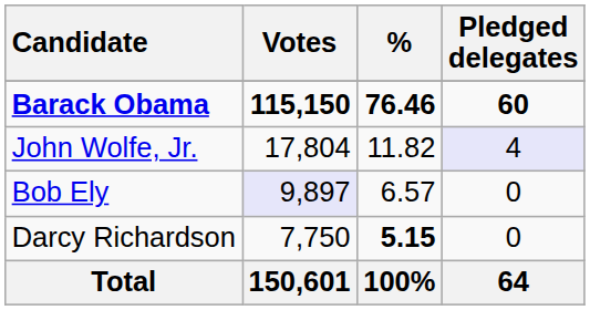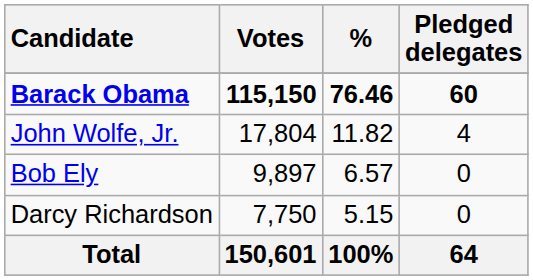 <table class="wikitable sortable plainrowheaders" style="text-align:right;">
 <tr>
 <th style="text-align:left;">Candidate</th>
 <th>Votes</th>
 <th>%</th>
 <th>Pledged<br>delegates</th>
 </tr>
 <tr>
 </tr>
 <tr>
 <td style="text-align:left;"><strong><a href='#'>Barack Obama</a></strong></td>
 <td><strong>115,150</strong></td>
 <td><strong>76.46</strong></td>
 <td style="text-align:center;"><strong>60</strong></td>
 </tr>
 <tr>
 <td style="text-align:left;"><a href='#'>John Wolfe, Jr.</a></td>
 <td>17,804</td>
 <td>11.82</td>
-<td style="background: lavender; text-align:center;">4</td>
+<td style="text-align:center;">4</td>
 </tr>
 <tr>
 <td style="text-align:left;"><a href='#'>Bob Ely</a></td>
-<td style="background: lavender;">9,897</td>
+<td>9,897</td>
 <td>6.57</td>
 <td style="text-align:center;">0</td>
 </tr>
 <tr>
 <td style="text-align:left;">Darcy Richardson</td>
 <td>7,750</td>
-<td><strong>5.15</strong></td>
+<td>5.15</td>
 <td style="text-align:center;">0</td>
 </tr>
 <tr class="sortbottom">
 <th>Total</th>
 <th>150,601</th>
 <th>100%</th>
 <th>64</th>
 </tr>
 </table>
